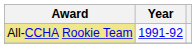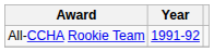 <table class="wikitable">
 <tr>
 <th>Award</th>
 <th>Year</th>
 <th></th>
 </tr>
 <tr>
-<td style="background: khaki;">All-<a href='#'>CCHA</a> <a href='#'>Rookie Team</a></td>
+<td>All-<a href='#'>CCHA</a> <a href='#'>Rookie Team</a></td>
 <td><a href='#'>1991-92</a></td>
 <td></td>
 </tr>
 <tr>
 </tr>
 </table>
